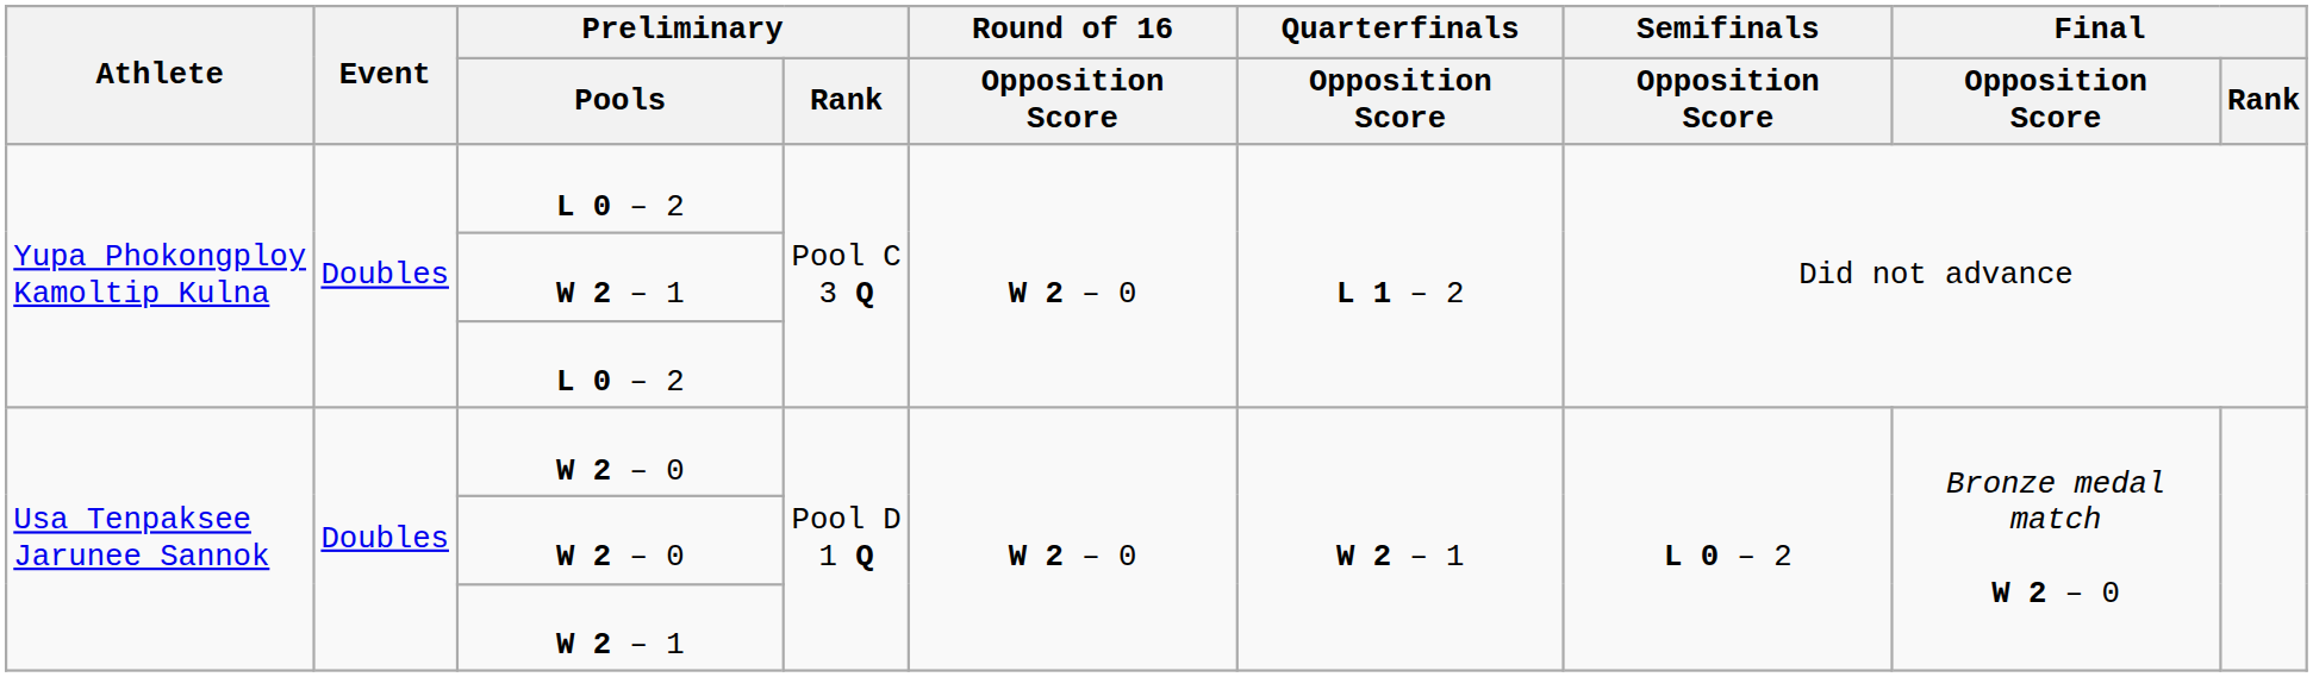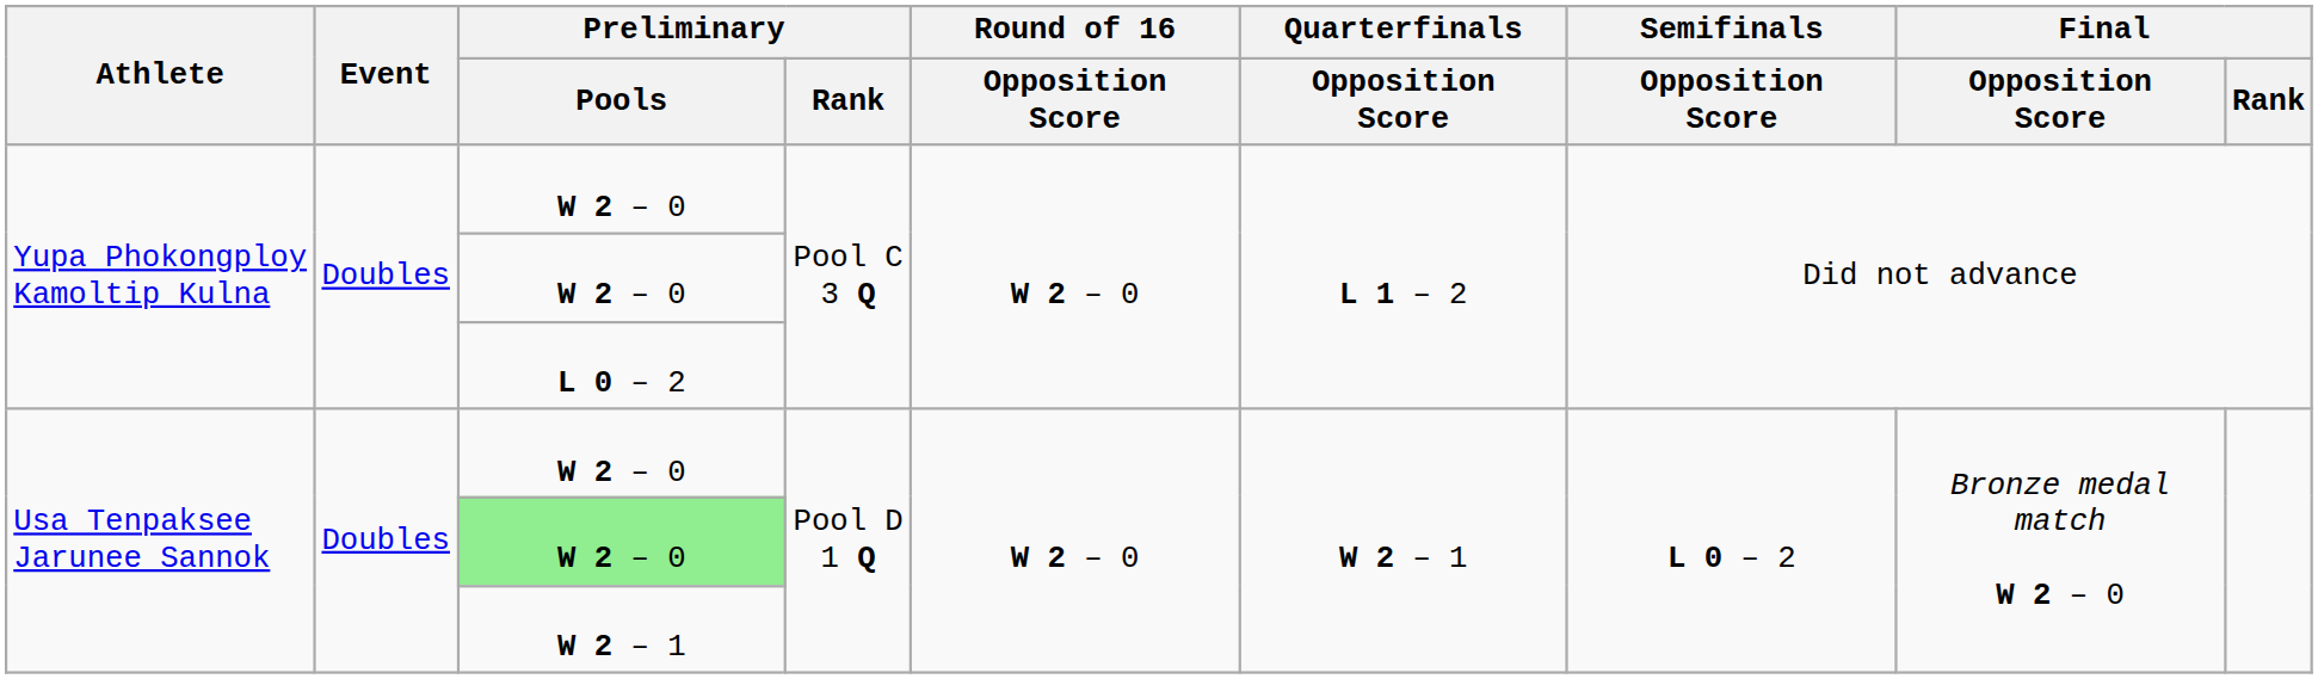 <table class="wikitable" style="text-align:center; font-size:90%">
 <tr>
 <th rowspan="2">Athlete</th>
 <th rowspan="2">Event</th>
 <th colspan="2">Preliminary</th>
 <th>Round of 16</th>
 <th>Quarterfinals</th>
 <th>Semifinals</th>
 <th colspan="2">Final</th>
 </tr>
 <tr>
 <th width="120">Pools</th>
 <th>Rank</th>
 <th width="120">Opposition<br>Score</th>
 <th width="120">Opposition<br>Score</th>
 <th width="120">Opposition<br>Score</th>
 <th width="120">Opposition<br>Score</th>
 <th>Rank</th>
 </tr>
 <tr>
 <td align=left rowspan="3"><a href='#'>Yupa Phokongploy</a><br><a href='#'>Kamoltip Kulna</a></td>
 <td rowspan="3" align=left><a href='#'>Doubles</a></td>
-<td><br><strong>L</strong> <strong>0</strong> – 2<br></td>
+<td><br><strong>W</strong> <strong>2</strong> – 0</td>
 <td rowspan="3" align=center>Pool C<br>3 <strong>Q</strong></td>
 <td rowspan="3"><br><strong>W</strong> <strong>2</strong> – 0</td>
 <td rowspan="3"><br><strong>L</strong> <strong>1</strong> – 2</td>
 <td rowspan="3" colspan=3 align=center>Did not advance</td>
 </tr>
 <tr>
-<td><br><strong>W</strong> <strong>2</strong> – 1</td>
+<td><br><strong>W</strong> <strong>2</strong> – 0</td>
 </tr>
 <tr>
 <td><br><strong>L</strong> <strong>0</strong> – 2</td>
 </tr>
 <tr>
 <td rowspan="3" align=left><a href='#'>Usa Tenpaksee</a><br><a href='#'>Jarunee Sannok</a></td>
 <td rowspan="3" align=left><a href='#'>Doubles</a></td>
 <td><br><strong>W</strong> <strong>2</strong> – 0</td>
 <td rowspan="3" align=center>Pool D<br>1 <strong>Q</strong></td>
 <td rowspan="3"><br><strong>W</strong> <strong>2</strong> – 0</td>
 <td rowspan="3"><br><strong>W</strong> <strong>2</strong> – 1</td>
 <td rowspan="3"><br><strong>L</strong> <strong>0</strong> – 2</td>
 <td rowspan="3"><em>Bronze medal match</em><br><br><strong>W</strong> <strong>2</strong> – 0</td>
 <td rowspan="3"></td>
 </tr>
 <tr>
-<td><br><strong>W</strong> <strong>2</strong> – 0</td>
+<td style="background: lightgreen;"><br><strong>W</strong> <strong>2</strong> – 0</td>
 </tr>
 <tr>
 <td><br><strong>W</strong> <strong>2</strong> – 1</td>
 </tr>
 </table>
